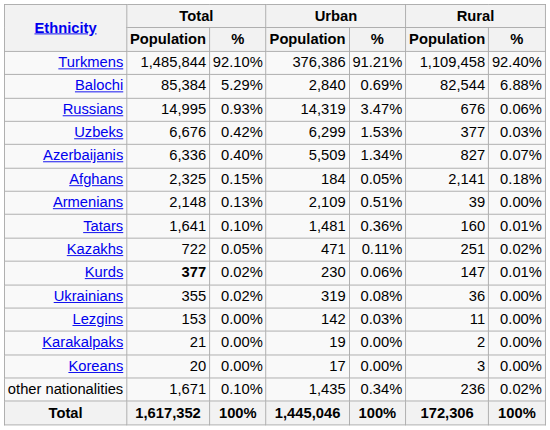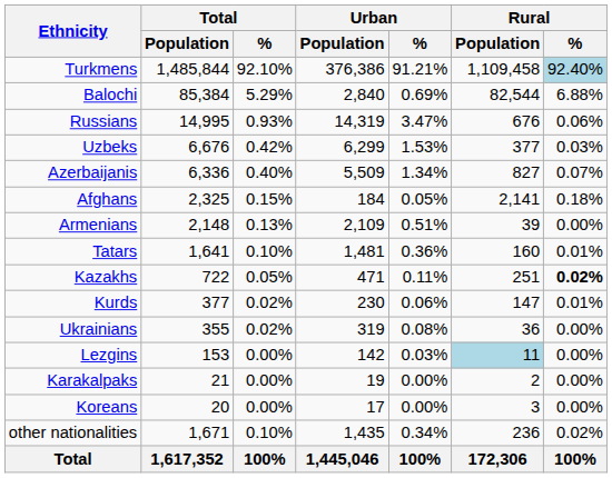 <table class="wikitable sortable" style="text-align:right">
 <tr>
 <th rowspan="2"><a href='#'>Ethnicity</a></th>
 <th colspan="2">Total</th>
 <th colspan="2">Urban</th>
 <th colspan="2">Rural</th>
 </tr>
 <tr>
 <th>Population</th>
 <th>%</th>
 <th>Population</th>
 <th>%</th>
 <th>Population</th>
 <th>%</th>
 </tr>
 <tr>
 <td><a href='#'>Turkmens</a></td>
 <td>1,485,844</td>
 <td>92.10%</td>
 <td>376,386</td>
 <td>91.21%</td>
 <td>1,109,458</td>
-<td>92.40%</td>
+<td style="background: lightblue;">92.40%</td>
 </tr>
 <tr>
 <td><a href='#'>Balochi</a></td>
 <td>85,384</td>
 <td>5.29%</td>
 <td>2,840</td>
 <td>0.69%</td>
 <td>82,544</td>
 <td>6.88%</td>
 </tr>
 <tr>
 <td><a href='#'>Russians</a></td>
 <td>14,995</td>
 <td>0.93%</td>
 <td>14,319</td>
 <td>3.47%</td>
 <td>676</td>
 <td>0.06%</td>
 </tr>
 <tr>
 <td><a href='#'>Uzbeks</a></td>
 <td>6,676</td>
 <td>0.42%</td>
 <td>6,299</td>
 <td>1.53%</td>
 <td>377</td>
 <td>0.03%</td>
 </tr>
 <tr>
 <td><a href='#'>Azerbaijanis</a></td>
 <td>6,336</td>
 <td>0.40%</td>
 <td>5,509</td>
 <td>1.34%</td>
 <td>827</td>
 <td>0.07%</td>
 </tr>
 <tr>
 <td><a href='#'>Afghans</a></td>
 <td>2,325</td>
 <td>0.15%</td>
 <td>184</td>
 <td>0.05%</td>
 <td>2,141</td>
 <td>0.18%</td>
 </tr>
 <tr>
 <td><a href='#'>Armenians</a></td>
 <td>2,148</td>
 <td>0.13%</td>
 <td>2,109</td>
 <td>0.51%</td>
 <td>39</td>
 <td>0.00%</td>
 </tr>
 <tr>
 <td><a href='#'>Tatars</a></td>
 <td>1,641</td>
 <td>0.10%</td>
 <td>1,481</td>
 <td>0.36%</td>
 <td>160</td>
 <td>0.01%</td>
 </tr>
 <tr>
 <td><a href='#'>Kazakhs</a></td>
 <td>722</td>
 <td>0.05%</td>
 <td>471</td>
 <td>0.11%</td>
 <td>251</td>
-<td>0.02%</td>
+<td><strong>0.02%</strong></td>
 </tr>
 <tr>
 <td><a href='#'>Kurds</a></td>
-<td><strong>377</strong></td>
+<td>377</td>
 <td>0.02%</td>
 <td>230</td>
 <td>0.06%</td>
 <td>147</td>
 <td>0.01%</td>
 </tr>
 <tr>
 <td><a href='#'>Ukrainians</a></td>
 <td>355</td>
 <td>0.02%</td>
 <td>319</td>
 <td>0.08%</td>
 <td>36</td>
 <td>0.00%</td>
 </tr>
 <tr>
 <td><a href='#'>Lezgins</a></td>
 <td>153</td>
 <td>0.00%</td>
 <td>142</td>
 <td>0.03%</td>
-<td>11</td>
+<td style="background: lightblue;">11</td>
 <td>0.00%</td>
 </tr>
 <tr>
 <td><a href='#'>Karakalpaks</a></td>
 <td>21</td>
 <td>0.00%</td>
 <td>19</td>
 <td>0.00%</td>
 <td>2</td>
 <td>0.00%</td>
 </tr>
 <tr>
 <td><a href='#'>Koreans</a></td>
 <td>20</td>
 <td>0.00%</td>
 <td>17</td>
 <td>0.00%</td>
 <td>3</td>
 <td>0.00%</td>
 </tr>
 <tr>
 <td>other nationalities</td>
 <td>1,671</td>
 <td>0.10%</td>
 <td>1,435</td>
 <td>0.34%</td>
 <td>236</td>
 <td>0.02%</td>
 </tr>
 <tr class="sortbottom">
 <th><strong>Total</strong></th>
 <th><strong>1,617,352</strong></th>
 <th><strong>100%</strong></th>
 <th><strong>1,445,046</strong></th>
 <th><strong>100%</strong></th>
 <th><strong>172,306</strong></th>
 <th><strong>100%</strong></th>
 </tr>
 </table>
